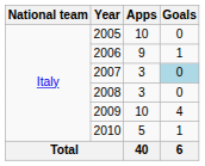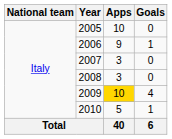 <table class="wikitable" style="text-align:center">
 <tr>
 <th>National team</th>
 <th>Year</th>
 <th>Apps</th>
 <th>Goals</th>
 </tr>
 <tr>
 <td rowspan="6"><a href='#'>Italy</a></td>
 <td>2005</td>
 <td>10</td>
 <td>0</td>
 </tr>
 <tr>
 <td>2006</td>
 <td>9</td>
 <td>1</td>
 </tr>
 <tr>
 <td>2007</td>
 <td>3</td>
-<td style="background: lightblue;">0</td>
+<td>0</td>
 </tr>
 <tr>
 <td>2008</td>
 <td>3</td>
 <td>0</td>
 </tr>
 <tr>
 <td>2009</td>
-<td>10</td>
+<td style="background: gold;">10</td>
 <td>4</td>
 </tr>
 <tr>
 <td>2010</td>
 <td>5</td>
 <td>1</td>
 </tr>
 <tr>
 <th colspan="2">Total</th>
 <th>40</th>
 <th>6</th>
 </tr>
 </table>
